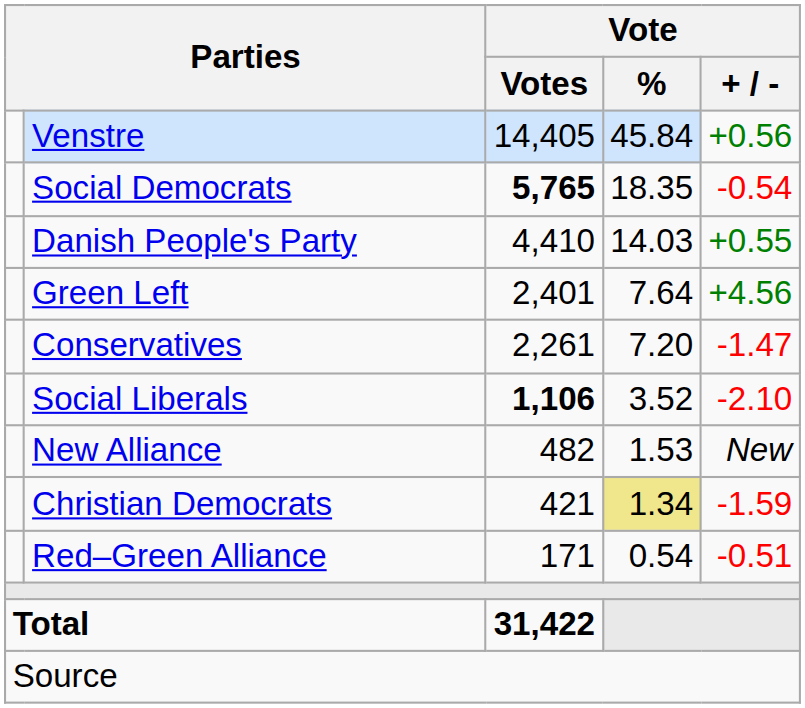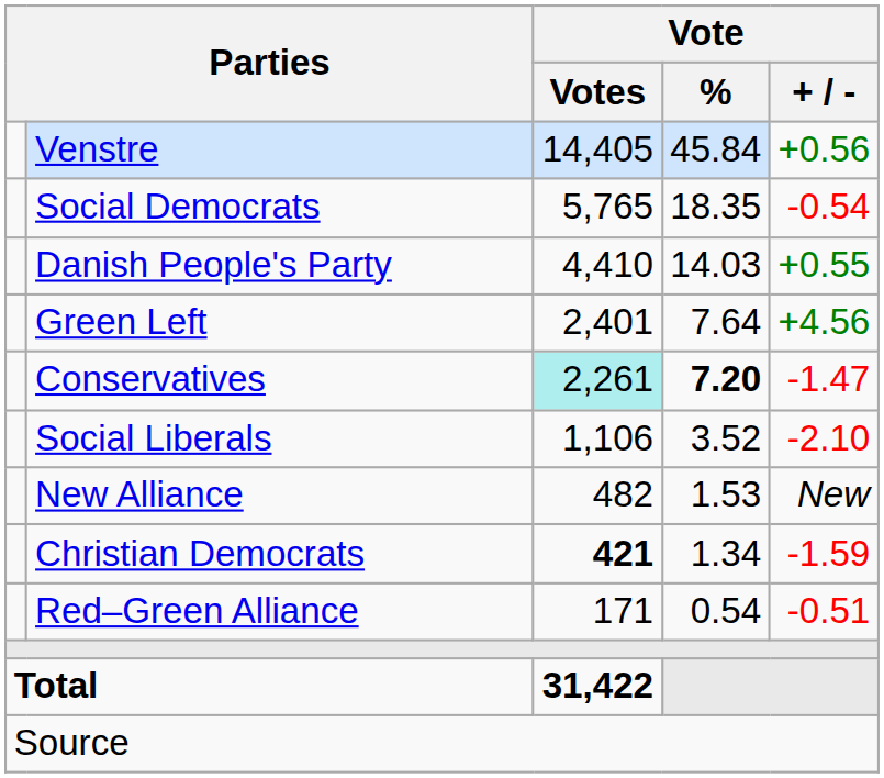 <table class="wikitable" style="text-align:right;">
 <tr>
 <th style="text-align:centre;" rowspan="2" colspan="2" width="225">Parties</th>
 <th colspan="3">Vote</th>
 </tr>
 <tr>
 <th width="15">Votes</th>
 <th width="15">%</th>
 <th width="15">+ / -</th>
 </tr>
 <tr>
 <td width="2" style="color:inherit;background:"></td>
 <td bgcolor=#cfe5fe  align="left"><a href='#'>Venstre</a></td>
 <td bgcolor=#cfe5fe>14,405</td>
 <td bgcolor=#cfe5fe>45.84</td>
 <td style=color:green;>+0.56</td>
 </tr>
 <tr>
 <td width="2" style="color:inherit;background:"></td>
 <td align="left"><a href='#'>Social Democrats</a></td>
-<td><strong>5,765</strong></td>
+<td>5,765</td>
 <td>18.35</td>
 <td style=color:red;>-0.54</td>
 </tr>
 <tr>
 <td width="2" style="color:inherit;background:"></td>
 <td align="left"><a href='#'>Danish People's Party</a></td>
 <td>4,410</td>
 <td>14.03</td>
 <td style=color:green;>+0.55</td>
 </tr>
 <tr>
 <td width="2" style="color:inherit;background:"></td>
 <td align="left"><a href='#'>Green Left</a></td>
 <td>2,401</td>
 <td>7.64</td>
 <td style=color:green;>+4.56</td>
 </tr>
 <tr>
 <td width="2" style="color:inherit;background:"></td>
 <td align="left"><a href='#'>Conservatives</a></td>
-<td>2,261</td>
-<td>7.20</td>
+<td style="background: paleturquoise;">2,261</td>
+<td><strong>7.20</strong></td>
 <td style=color:red;>-1.47</td>
 </tr>
 <tr>
 <td width="2" style="color:inherit;background:"></td>
 <td align="left"><a href='#'>Social Liberals</a></td>
-<td><strong>1,106</strong></td>
+<td>1,106</td>
 <td>3.52</td>
 <td style=color:red;>-2.10</td>
 </tr>
 <tr>
 <td width="2" style="color:inherit;background:"></td>
 <td align="left"><a href='#'>New Alliance</a></td>
 <td>482</td>
 <td>1.53</td>
 <td><em>New</em></td>
 </tr>
 <tr>
 <td width="2" style="color:inherit;background:"></td>
 <td align="left"><a href='#'>Christian Democrats</a></td>
-<td>421</td>
-<td style="background: khaki;">1.34</td>
+<td><strong>421</strong></td>
+<td>1.34</td>
 <td style=color:red;>-1.59</td>
 </tr>
 <tr>
 <td width="2" style="color:inherit;background:"></td>
 <td align="left"><a href='#'>Red–Green Alliance</a></td>
 <td>171</td>
 <td>0.54</td>
 <td style=color:red;>-0.51</td>
 </tr>
 <tr>
 <td colspan="7" bgcolor="#E9E9E9"></td>
 </tr>
 <tr>
 <td align="left" colspan="2"><strong>Total</strong></td>
 <td><strong>31,422</strong></td>
 <td bgcolor="#E9E9E9" colspan="2"></td>
 </tr>
 <tr>
 <td align="left" colspan="6">Source</td>
 </tr>
 </table>
